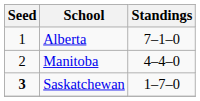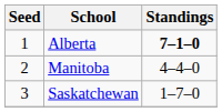 <table class="wikitable">
 <tr>
 <th>Seed</th>
 <th>School</th>
 <th>Standings</th>
 </tr>
 <tr>
 <td align=center>1</td>
 <td><a href='#'>Alberta</a></td>
-<td align=center>7–1–0</td>
+<td align=center><strong>7–1–0</strong></td>
 </tr>
 <tr>
 <td align=center>2</td>
 <td><a href='#'>Manitoba</a></td>
 <td align=center>4–4–0</td>
 </tr>
 <tr>
-<td align=center><strong>3</strong></td>
+<td align=center>3</td>
 <td><a href='#'>Saskatchewan</a></td>
 <td align=center>1–7–0</td>
 </tr>
 <tr>
 </tr>
 </table>
